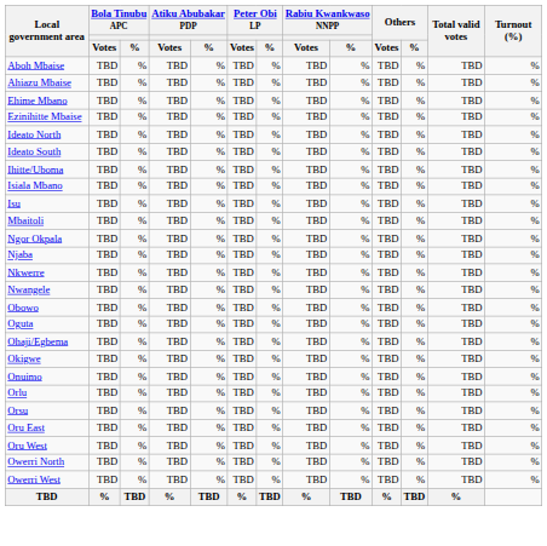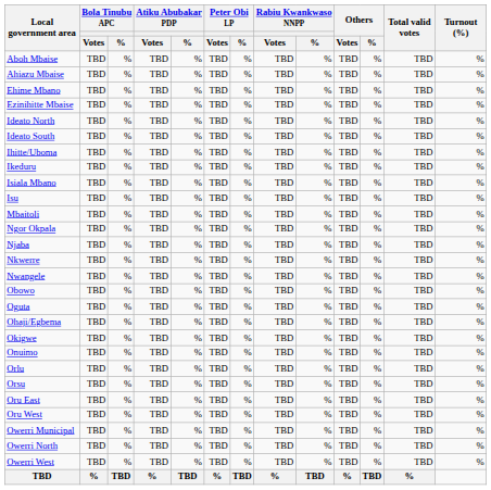 <table class="wikitable sortable" style="text-align:right; font-size:90%">
 <tr>
 <th rowspan="3" style="max-width:7.5em;">Local government area</th>
 <th colspan="2"><a href='#'>Bola Tinubu</a><br><small>APC</small></th>
 <th colspan="2"><a href='#'>Atiku Abubakar</a><br><small>PDP</small></th>
 <th colspan="2"><a href='#'>Peter Obi</a><br><small>LP</small></th>
 <th colspan="2"><a href='#'>Rabiu Kwankwaso</a><br><small>NNPP</small></th>
 <th colspan="2" rowspan="2">Others</th>
 <th rowspan="3" style="max-width:5em;">Total valid votes</th>
 <th rowspan="3" style="max-width:5em;">Turnout (%)</th>
 </tr>
 <tr>
 <th colspan=2 style="background-color:"></th>
 <th colspan=2 style="background-color:"></th>
 <th colspan=2 style="background-color:"></th>
 <th colspan=2 style="background-color:"></th>
 </tr>
 <tr>
 <th>Votes</th>
 <th>%</th>
 <th>Votes</th>
 <th>%</th>
 <th>Votes</th>
 <th>%</th>
 <th>Votes</th>
 <th>%</th>
 <th>Votes</th>
 <th>%</th>
 </tr>
 <tr style="background-color:#">
 <td style="text-align:left;"><a href='#'>Aboh Mbaise</a></td>
 <td>TBD</td>
 <td>%</td>
 <td>TBD</td>
 <td>%</td>
 <td>TBD</td>
 <td>%</td>
 <td>TBD</td>
 <td>%</td>
 <td>TBD</td>
 <td>%</td>
 <td>TBD</td>
 <td>%</td>
 </tr>
 <tr style="background-color:#">
 <td style="text-align:left;"><a href='#'>Ahiazu Mbaise</a></td>
 <td>TBD</td>
 <td>%</td>
 <td>TBD</td>
 <td>%</td>
 <td>TBD</td>
 <td>%</td>
 <td>TBD</td>
 <td>%</td>
 <td>TBD</td>
 <td>%</td>
 <td>TBD</td>
 <td>%</td>
 </tr>
 <tr style="background-color:#">
 <td style="text-align:left;"><a href='#'>Ehime Mbano</a></td>
 <td>TBD</td>
 <td>%</td>
 <td>TBD</td>
 <td>%</td>
 <td>TBD</td>
 <td>%</td>
 <td>TBD</td>
 <td>%</td>
 <td>TBD</td>
 <td>%</td>
 <td>TBD</td>
 <td>%</td>
 </tr>
 <tr style="background-color:#">
 <td style="text-align:left;"><a href='#'>Ezinihitte Mbaise</a></td>
 <td>TBD</td>
 <td>%</td>
 <td>TBD</td>
 <td>%</td>
 <td>TBD</td>
 <td>%</td>
 <td>TBD</td>
 <td>%</td>
 <td>TBD</td>
 <td>%</td>
 <td>TBD</td>
 <td>%</td>
 </tr>
 <tr style="background-color:#">
 <td style="text-align:left;"><a href='#'>Ideato North</a></td>
 <td>TBD</td>
 <td>%</td>
 <td>TBD</td>
 <td>%</td>
 <td>TBD</td>
 <td>%</td>
 <td>TBD</td>
 <td>%</td>
 <td>TBD</td>
 <td>%</td>
 <td>TBD</td>
 <td>%</td>
 </tr>
 <tr style="background-color:#">
 <td style="text-align:left;"><a href='#'>Ideato South</a></td>
 <td>TBD</td>
 <td>%</td>
 <td>TBD</td>
 <td>%</td>
 <td>TBD</td>
 <td>%</td>
 <td>TBD</td>
 <td>%</td>
 <td>TBD</td>
 <td>%</td>
 <td>TBD</td>
 <td>%</td>
 </tr>
 <tr style="background-color:#">
 <td style="text-align:left;"><a href='#'>Ihitte/Uboma</a></td>
+<td>TBD</td>
+<td>%</td>
+<td>TBD</td>
+<td>%</td>
+<td>TBD</td>
+<td>%</td>
+<td>TBD</td>
+<td>%</td>
+<td>TBD</td>
+<td>%</td>
+<td>TBD</td>
+<td>%</td>
+</tr>
+<tr style="background-color:#">
+<td style="text-align:left;"><a href='#'>Ikeduru</a></td>
 <td>TBD</td>
 <td>%</td>
 <td>TBD</td>
 <td>%</td>
 <td>TBD</td>
 <td>%</td>
 <td>TBD</td>
 <td>%</td>
 <td>TBD</td>
 <td>%</td>
 <td>TBD</td>
 <td>%</td>
 </tr>
 <tr style="background-color:#">
 <td style="text-align:left;"><a href='#'>Isiala Mbano</a></td>
 <td>TBD</td>
 <td>%</td>
 <td>TBD</td>
 <td>%</td>
 <td>TBD</td>
 <td>%</td>
 <td>TBD</td>
 <td>%</td>
 <td>TBD</td>
 <td>%</td>
 <td>TBD</td>
 <td>%</td>
 </tr>
 <tr style="background-color:#">
 <td style="text-align:left;"><a href='#'>Isu</a></td>
 <td>TBD</td>
 <td>%</td>
 <td>TBD</td>
 <td>%</td>
 <td>TBD</td>
 <td>%</td>
 <td>TBD</td>
 <td>%</td>
 <td>TBD</td>
 <td>%</td>
 <td>TBD</td>
 <td>%</td>
 </tr>
 <tr style="background-color:#">
 <td style="text-align:left;"><a href='#'>Mbaitoli</a></td>
 <td>TBD</td>
 <td>%</td>
 <td>TBD</td>
 <td>%</td>
 <td>TBD</td>
 <td>%</td>
 <td>TBD</td>
 <td>%</td>
 <td>TBD</td>
 <td>%</td>
 <td>TBD</td>
 <td>%</td>
 </tr>
 <tr style="background-color:#">
 <td style="text-align:left;"><a href='#'>Ngor Okpala</a></td>
 <td>TBD</td>
 <td>%</td>
 <td>TBD</td>
 <td>%</td>
 <td>TBD</td>
 <td>%</td>
 <td>TBD</td>
 <td>%</td>
 <td>TBD</td>
 <td>%</td>
 <td>TBD</td>
 <td>%</td>
 </tr>
 <tr style="background-color:#">
 <td style="text-align:left;"><a href='#'>Njaba</a></td>
 <td>TBD</td>
 <td>%</td>
 <td>TBD</td>
 <td>%</td>
 <td>TBD</td>
 <td>%</td>
 <td>TBD</td>
 <td>%</td>
 <td>TBD</td>
 <td>%</td>
 <td>TBD</td>
 <td>%</td>
 </tr>
 <tr style="background-color:#">
 <td style="text-align:left;"><a href='#'>Nkwerre</a></td>
 <td>TBD</td>
 <td>%</td>
 <td>TBD</td>
 <td>%</td>
 <td>TBD</td>
 <td>%</td>
 <td>TBD</td>
 <td>%</td>
 <td>TBD</td>
 <td>%</td>
 <td>TBD</td>
 <td>%</td>
 </tr>
 <tr style="background-color:#">
 <td style="text-align:left;"><a href='#'>Nwangele</a></td>
 <td>TBD</td>
 <td>%</td>
 <td>TBD</td>
 <td>%</td>
 <td>TBD</td>
 <td>%</td>
 <td>TBD</td>
 <td>%</td>
 <td>TBD</td>
 <td>%</td>
 <td>TBD</td>
 <td>%</td>
 </tr>
 <tr style="background-color:#">
 <td style="text-align:left;"><a href='#'>Obowo</a></td>
 <td>TBD</td>
 <td>%</td>
 <td>TBD</td>
 <td>%</td>
 <td>TBD</td>
 <td>%</td>
 <td>TBD</td>
 <td>%</td>
 <td>TBD</td>
 <td>%</td>
 <td>TBD</td>
 <td>%</td>
 </tr>
 <tr style="background-color:#">
 <td style="text-align:left;"><a href='#'>Oguta</a></td>
 <td>TBD</td>
 <td>%</td>
 <td>TBD</td>
 <td>%</td>
 <td>TBD</td>
 <td>%</td>
 <td>TBD</td>
 <td>%</td>
 <td>TBD</td>
 <td>%</td>
 <td>TBD</td>
 <td>%</td>
 </tr>
 <tr style="background-color:#">
 <td style="text-align:left;"><a href='#'>Ohaji/Egbema</a></td>
 <td>TBD</td>
 <td>%</td>
 <td>TBD</td>
 <td>%</td>
 <td>TBD</td>
 <td>%</td>
 <td>TBD</td>
 <td>%</td>
 <td>TBD</td>
 <td>%</td>
 <td>TBD</td>
 <td>%</td>
 </tr>
 <tr style="background-color:#">
 <td style="text-align:left;"><a href='#'>Okigwe</a></td>
 <td>TBD</td>
 <td>%</td>
 <td>TBD</td>
 <td>%</td>
 <td>TBD</td>
 <td>%</td>
 <td>TBD</td>
 <td>%</td>
 <td>TBD</td>
 <td>%</td>
 <td>TBD</td>
 <td>%</td>
 </tr>
 <tr style="background-color:#">
 <td style="text-align:left;"><a href='#'>Onuimo</a></td>
 <td>TBD</td>
 <td>%</td>
 <td>TBD</td>
 <td>%</td>
 <td>TBD</td>
 <td>%</td>
 <td>TBD</td>
 <td>%</td>
 <td>TBD</td>
 <td>%</td>
 <td>TBD</td>
 <td>%</td>
 </tr>
 <tr style="background-color:#">
 <td style="text-align:left;"><a href='#'>Orlu</a></td>
 <td>TBD</td>
 <td>%</td>
 <td>TBD</td>
 <td>%</td>
 <td>TBD</td>
 <td>%</td>
 <td>TBD</td>
 <td>%</td>
 <td>TBD</td>
 <td>%</td>
 <td>TBD</td>
 <td>%</td>
 </tr>
 <tr style="background-color:#">
 <td style="text-align:left;"><a href='#'>Orsu</a></td>
 <td>TBD</td>
 <td>%</td>
 <td>TBD</td>
 <td>%</td>
 <td>TBD</td>
 <td>%</td>
 <td>TBD</td>
 <td>%</td>
 <td>TBD</td>
 <td>%</td>
 <td>TBD</td>
 <td>%</td>
 </tr>
 <tr style="background-color:#">
 <td style="text-align:left;"><a href='#'>Oru East</a></td>
 <td>TBD</td>
 <td>%</td>
 <td>TBD</td>
 <td>%</td>
 <td>TBD</td>
 <td>%</td>
 <td>TBD</td>
 <td>%</td>
 <td>TBD</td>
 <td>%</td>
 <td>TBD</td>
 <td>%</td>
 </tr>
 <tr style="background-color:#">
 <td style="text-align:left;"><a href='#'>Oru West</a></td>
 <td>TBD</td>
 <td>%</td>
 <td>TBD</td>
 <td>%</td>
 <td>TBD</td>
 <td>%</td>
 <td>TBD</td>
 <td>%</td>
 <td>TBD</td>
 <td>%</td>
 <td>TBD</td>
 <td>%</td>
 </tr>
 <tr style="background-color:#">
+<td style="text-align:left;"><a href='#'>Owerri Municipal</a></td>
+<td>TBD</td>
+<td>%</td>
+<td>TBD</td>
+<td>%</td>
+<td>TBD</td>
+<td>%</td>
+<td>TBD</td>
+<td>%</td>
+<td>TBD</td>
+<td>%</td>
+<td>TBD</td>
+<td>%</td>
+</tr>
+<tr style="background-color:#">
 <td style="text-align:left;"><a href='#'>Owerri North</a></td>
 <td>TBD</td>
 <td>%</td>
 <td>TBD</td>
 <td>%</td>
 <td>TBD</td>
 <td>%</td>
 <td>TBD</td>
 <td>%</td>
 <td>TBD</td>
 <td>%</td>
 <td>TBD</td>
 <td>%</td>
 </tr>
 <tr style="background-color:#">
 <td style="text-align:left;"><a href='#'>Owerri West</a></td>
 <td>TBD</td>
 <td>%</td>
 <td>TBD</td>
 <td>%</td>
 <td>TBD</td>
 <td>%</td>
 <td>TBD</td>
 <td>%</td>
 <td>TBD</td>
 <td>%</td>
 <td>TBD</td>
 <td>%</td>
 </tr>
 <tr>
 <th>TBD</th>
 <th>%</th>
 <th>TBD</th>
 <th>%</th>
 <th>TBD</th>
 <th>%</th>
 <th>TBD</th>
 <th>%</th>
 <th>TBD</th>
 <th>%</th>
 <th>TBD</th>
 <th>%</th>
 </tr>
 </table>
